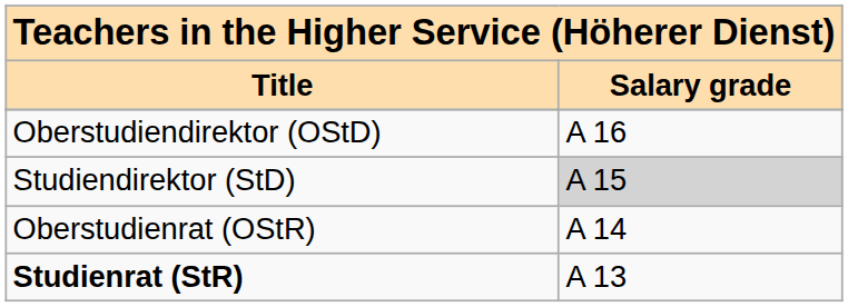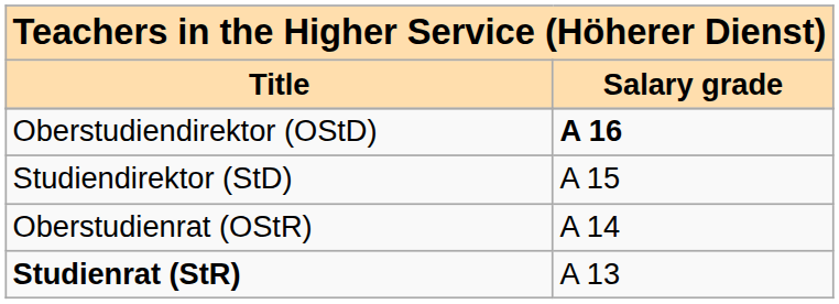 <table class="wikitable" style="float:right;">
 <tr style="background:#FFDEAD">
 <td colspan="3" style="text-align:center"><strong><big>Teachers in the Higher Service (Höherer Dienst)</big></strong></td>
 </tr>
 <tr>
 <th scope="col" style="background:#FFDEAD">Title</th>
 <th scope="col" style="background:#FFDEAD">Salary grade</th>
 </tr>
 <tr style="background:#EEEEEE">
 </tr>
 <tr>
 <td>Oberstudiendirektor (OStD)</td>
-<td>A 16</td>
+<td><strong>A 16</strong></td>
 </tr>
 <tr>
 <td>Studiendirektor (StD)</td>
-<td style="background: lightgrey;">A 15</td>
+<td>A 15</td>
 </tr>
 <tr>
 <td>Oberstudienrat (OStR)</td>
 <td>A 14</td>
 </tr>
 <tr>
 <td><strong>Studienrat (StR)</strong></td>
 <td>A 13</td>
 </tr>
 </table>
